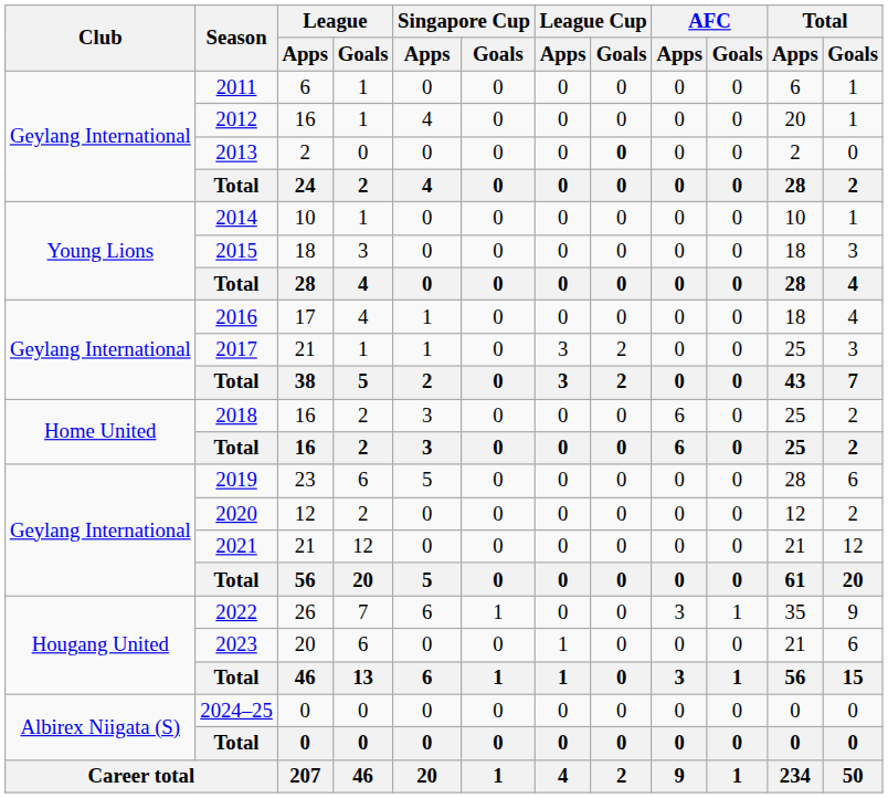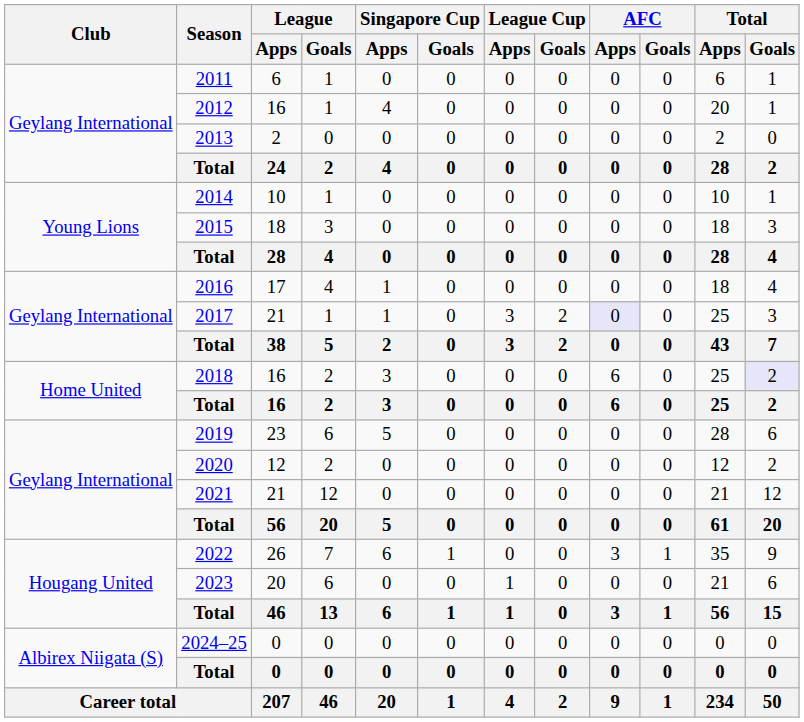 <table class="wikitable" style="font-size:100%; text-align:center;">
 <tr>
 <th rowspan="2">Club</th>
 <th rowspan="2">Season</th>
 <th colspan="2">League</th>
 <th colspan="2">Singapore Cup</th>
 <th colspan="2">League Cup</th>
 <th colspan="2"><a href='#'>AFC</a></th>
 <th colspan="2">Total</th>
 </tr>
 <tr>
 <th>Apps</th>
 <th>Goals</th>
 <th>Apps</th>
 <th>Goals</th>
 <th>Apps</th>
 <th>Goals</th>
 <th>Apps</th>
 <th>Goals</th>
 <th>Apps</th>
 <th>Goals</th>
 </tr>
 <tr>
 <td rowspan="4"><a href='#'>Geylang International</a></td>
 <td><a href='#'>2011</a></td>
 <td>6</td>
 <td>1</td>
 <td>0</td>
 <td>0</td>
 <td>0</td>
 <td>0</td>
 <td>0</td>
 <td>0</td>
 <td>6</td>
 <td>1</td>
 </tr>
 <tr>
 <td><a href='#'>2012</a></td>
 <td>16</td>
 <td>1</td>
 <td>4</td>
 <td>0</td>
 <td>0</td>
 <td>0</td>
 <td>0</td>
 <td>0</td>
 <td>20</td>
 <td>1</td>
 </tr>
 <tr>
 <td><a href='#'>2013</a></td>
 <td>2</td>
 <td>0</td>
 <td>0</td>
 <td>0</td>
 <td>0</td>
-<td><strong>0</strong></td>
+<td>0</td>
 <td>0</td>
 <td>0</td>
 <td>2</td>
 <td>0</td>
 </tr>
 <tr>
 <th>Total</th>
 <th>24</th>
 <th>2</th>
 <th>4</th>
 <th>0</th>
 <th>0</th>
 <th>0</th>
 <th>0</th>
 <th>0</th>
 <th>28</th>
 <th>2</th>
 </tr>
 <tr>
 <td rowspan="3"><a href='#'>Young Lions</a></td>
 <td><a href='#'>2014</a></td>
 <td>10</td>
 <td>1</td>
 <td>0</td>
 <td>0</td>
 <td>0</td>
 <td>0</td>
 <td>0</td>
 <td>0</td>
 <td>10</td>
 <td>1</td>
 </tr>
 <tr>
 <td><a href='#'>2015</a></td>
 <td>18</td>
 <td>3</td>
 <td>0</td>
 <td>0</td>
 <td>0</td>
 <td>0</td>
 <td>0</td>
 <td>0</td>
 <td>18</td>
 <td>3</td>
 </tr>
 <tr>
 <th>Total</th>
 <th>28</th>
 <th>4</th>
 <th>0</th>
 <th>0</th>
 <th>0</th>
 <th>0</th>
 <th>0</th>
 <th>0</th>
 <th>28</th>
 <th>4</th>
 </tr>
 <tr>
 <td rowspan="3"><a href='#'>Geylang International</a></td>
 <td><a href='#'>2016</a></td>
 <td>17</td>
 <td>4</td>
 <td>1</td>
 <td>0</td>
 <td>0</td>
 <td>0</td>
 <td>0</td>
 <td>0</td>
 <td>18</td>
 <td>4</td>
 </tr>
 <tr>
 <td><a href='#'>2017</a></td>
 <td>21</td>
 <td>1</td>
 <td>1</td>
 <td>0</td>
 <td>3</td>
 <td>2</td>
-<td>0</td>
+<td style="background: lavender;">0</td>
 <td>0</td>
 <td>25</td>
 <td>3</td>
 </tr>
 <tr>
 <th>Total</th>
 <th>38</th>
 <th>5</th>
 <th>2</th>
 <th>0</th>
 <th>3</th>
 <th>2</th>
 <th>0</th>
 <th>0</th>
 <th>43</th>
 <th>7</th>
 </tr>
 <tr>
 <td rowspan="2"><a href='#'>Home United</a></td>
 <td><a href='#'>2018</a></td>
 <td>16</td>
 <td>2</td>
 <td>3</td>
 <td>0</td>
 <td>0</td>
 <td>0</td>
 <td>6</td>
 <td>0</td>
 <td>25</td>
-<td>2</td>
+<td style="background: lavender;">2</td>
 </tr>
 <tr>
 <th>Total</th>
 <th>16</th>
 <th>2</th>
 <th>3</th>
 <th>0</th>
 <th>0</th>
 <th>0</th>
 <th>6</th>
 <th>0</th>
 <th>25</th>
 <th>2</th>
 </tr>
 <tr>
 <td rowspan="4"><a href='#'>Geylang International</a></td>
 <td><a href='#'>2019</a></td>
 <td>23</td>
 <td>6</td>
 <td>5</td>
 <td>0</td>
 <td>0</td>
 <td>0</td>
 <td>0</td>
 <td>0</td>
 <td>28</td>
 <td>6</td>
 </tr>
 <tr>
 <td><a href='#'>2020</a></td>
 <td>12</td>
 <td>2</td>
 <td>0</td>
 <td>0</td>
 <td>0</td>
 <td>0</td>
 <td>0</td>
 <td>0</td>
 <td>12</td>
 <td>2</td>
 </tr>
 <tr>
 <td><a href='#'>2021</a></td>
 <td>21</td>
 <td>12</td>
 <td>0</td>
 <td>0</td>
 <td>0</td>
 <td>0</td>
 <td>0</td>
 <td>0</td>
 <td>21</td>
 <td>12</td>
 </tr>
 <tr>
 <th>Total</th>
 <th>56</th>
 <th>20</th>
 <th>5</th>
 <th>0</th>
 <th>0</th>
 <th>0</th>
 <th>0</th>
 <th>0</th>
 <th>61</th>
 <th>20</th>
 </tr>
 <tr>
 <td rowspan="3"><a href='#'>Hougang United</a></td>
 <td><a href='#'>2022</a></td>
 <td>26</td>
 <td>7</td>
 <td>6</td>
 <td>1</td>
 <td>0</td>
 <td>0</td>
 <td>3</td>
 <td>1</td>
 <td>35</td>
 <td>9</td>
 </tr>
 <tr>
 <td><a href='#'>2023</a></td>
 <td>20</td>
 <td>6</td>
 <td>0</td>
 <td>0</td>
 <td>1</td>
 <td>0</td>
 <td>0</td>
 <td>0</td>
 <td>21</td>
 <td>6</td>
 </tr>
 <tr>
 <th>Total</th>
 <th>46</th>
 <th>13</th>
 <th>6</th>
 <th>1</th>
 <th>1</th>
 <th>0</th>
 <th>3</th>
 <th>1</th>
 <th>56</th>
 <th>15</th>
 </tr>
 <tr>
 <td rowspan="2"> <a href='#'>Albirex Niigata (S)</a></td>
 <td><a href='#'>2024–25</a></td>
 <td>0</td>
 <td>0</td>
 <td>0</td>
 <td>0</td>
 <td>0</td>
 <td>0</td>
 <td>0</td>
 <td>0</td>
 <td>0</td>
 <td>0</td>
 </tr>
 <tr>
 <th colspan=1>Total</th>
 <th>0</th>
 <th>0</th>
 <th>0</th>
 <th>0</th>
 <th>0</th>
 <th>0</th>
 <th>0</th>
 <th>0</th>
 <th>0</th>
 <th>0</th>
 </tr>
 <tr>
 <th colspan="2">Career total</th>
 <th>207</th>
 <th>46</th>
 <th>20</th>
 <th>1</th>
 <th>4</th>
 <th>2</th>
 <th>9</th>
 <th>1</th>
 <th>234</th>
 <th>50</th>
 </tr>
 </table>
